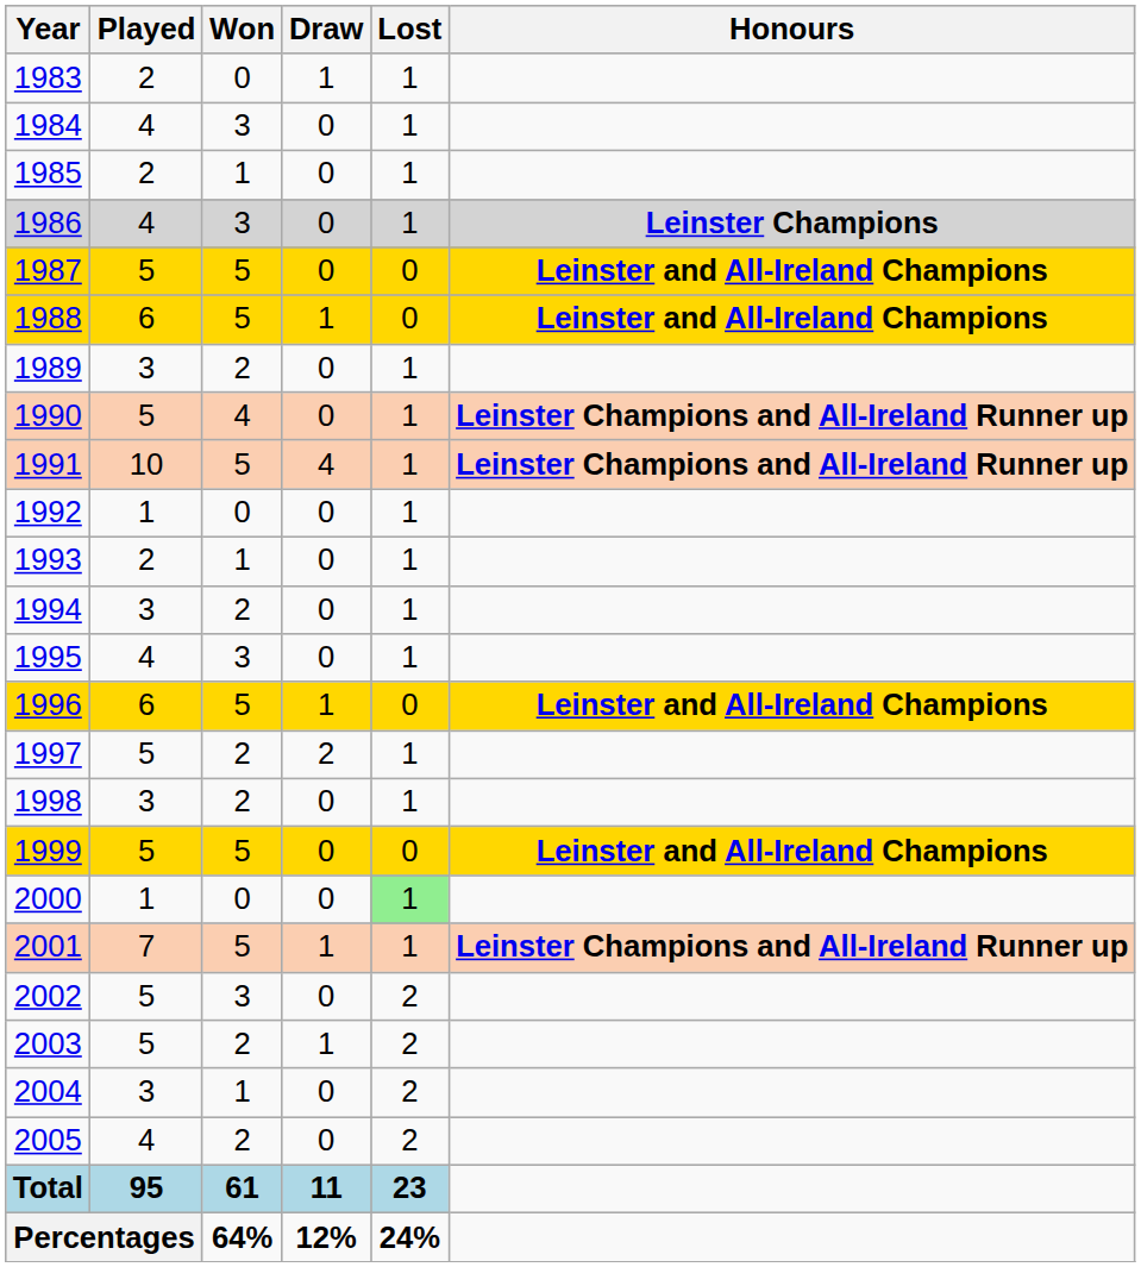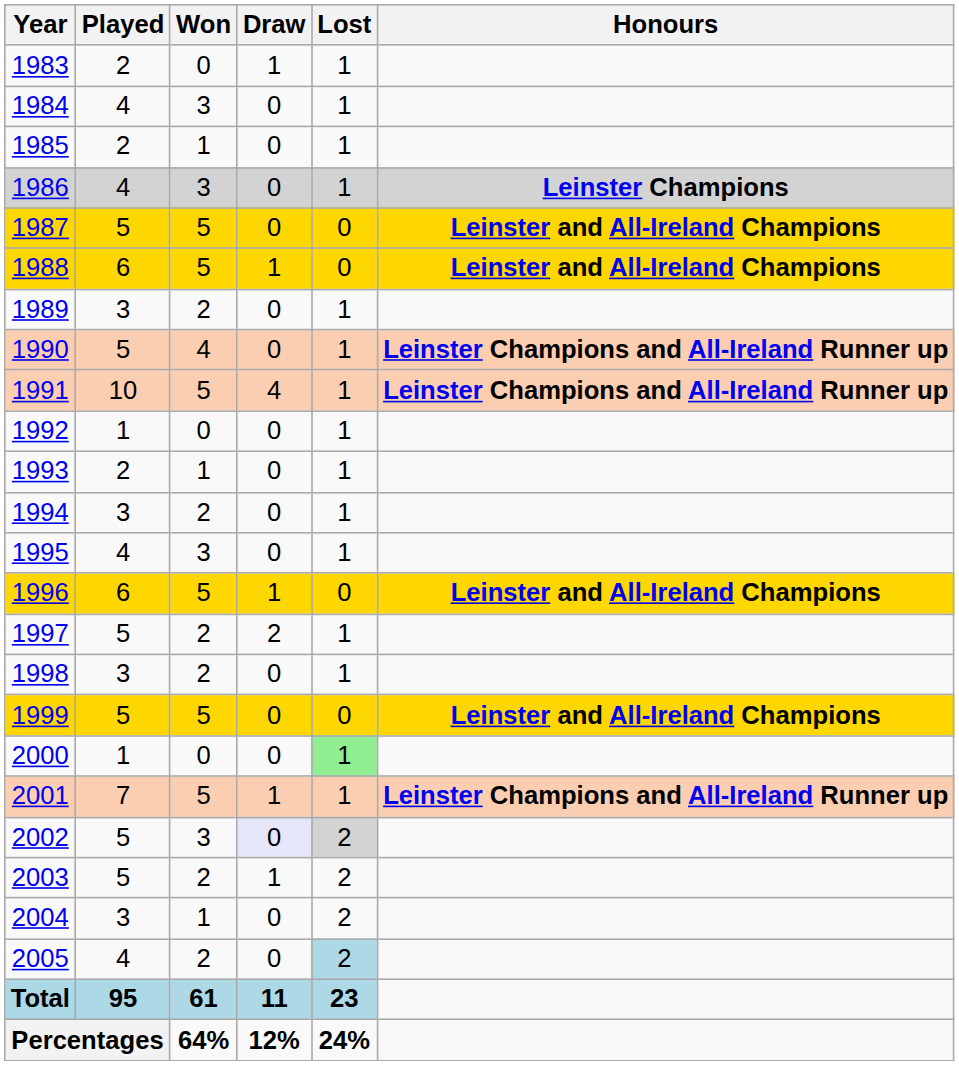 <table class="sortable wikitable plainrowheaders" style="text-align:center;">
 <tr style="background:#efefef">
 <th>Year</th>
 <th>Played</th>
 <th>Won</th>
 <th>Draw</th>
 <th>Lost</th>
 <th>Honours</th>
 </tr>
 <tr>
 <td><a href='#'>1983</a></td>
 <td>2</td>
 <td>0</td>
 <td>1</td>
 <td>1</td>
 <td></td>
 </tr>
 <tr>
 <td><a href='#'>1984</a></td>
 <td>4</td>
 <td>3</td>
 <td>0</td>
 <td>1</td>
 <td></td>
 </tr>
 <tr>
 <td><a href='#'>1985</a></td>
 <td>2</td>
 <td>1</td>
 <td>0</td>
 <td>1</td>
 <td></td>
 </tr>
 <tr>
 <td bgcolor=lightgrey><a href='#'>1986</a></td>
 <td bgcolor=lightgrey>4</td>
 <td bgcolor=lightgrey>3</td>
 <td bgcolor=lightgrey>0</td>
 <td bgcolor=lightgrey>1</td>
 <td bgcolor=lightgrey><strong><a href='#'>Leinster</a> Champions</strong></td>
 </tr>
 <tr>
 <td bgcolor=gold><a href='#'>1987</a></td>
 <td bgcolor=gold>5</td>
 <td bgcolor=gold>5</td>
 <td bgcolor=gold>0</td>
 <td bgcolor=gold>0</td>
 <td bgcolor=gold><strong><a href='#'>Leinster</a> and <a href='#'>All-Ireland</a> Champions</strong></td>
 </tr>
 <tr>
 <td bgcolor=gold><a href='#'>1988</a></td>
 <td bgcolor=gold>6</td>
 <td bgcolor=gold>5</td>
 <td bgcolor=gold>1</td>
 <td bgcolor=gold>0</td>
 <td bgcolor=gold><strong><a href='#'>Leinster</a> and <a href='#'>All-Ireland</a> Champions</strong></td>
 </tr>
 <tr>
 <td><a href='#'>1989</a></td>
 <td>3</td>
 <td>2</td>
 <td>0</td>
 <td>1</td>
 <td></td>
 </tr>
 <tr>
 <td bgcolor="#FBCEB1"><a href='#'>1990</a></td>
 <td bgcolor="#FBCEB1">5</td>
 <td bgcolor="#FBCEB1">4</td>
 <td bgcolor="#FBCEB1">0</td>
 <td bgcolor="#FBCEB1">1</td>
 <td bgcolor="#FBCEB1"><strong><a href='#'>Leinster</a> Champions and <a href='#'>All-Ireland</a> Runner up</strong></td>
 </tr>
 <tr>
 <td bgcolor="#FBCEB1"><a href='#'>1991</a></td>
 <td bgcolor="#FBCEB1">10</td>
 <td bgcolor="#FBCEB1">5</td>
 <td bgcolor="#FBCEB1">4</td>
 <td bgcolor="#FBCEB1">1</td>
 <td bgcolor="#FBCEB1"><strong><a href='#'>Leinster</a> Champions and <a href='#'>All-Ireland</a> Runner up</strong></td>
 </tr>
 <tr>
 <td><a href='#'>1992</a></td>
 <td>1</td>
 <td>0</td>
 <td>0</td>
 <td>1</td>
 <td></td>
 </tr>
 <tr>
 <td><a href='#'>1993</a></td>
 <td>2</td>
 <td>1</td>
 <td>0</td>
 <td>1</td>
 <td></td>
 </tr>
 <tr>
 <td><a href='#'>1994</a></td>
 <td>3</td>
 <td>2</td>
 <td>0</td>
 <td>1</td>
 <td></td>
 </tr>
 <tr>
 <td><a href='#'>1995</a></td>
 <td>4</td>
 <td>3</td>
 <td>0</td>
 <td>1</td>
 <td></td>
 </tr>
 <tr>
 <td bgcolor=gold><a href='#'>1996</a></td>
 <td bgcolor=gold>6</td>
 <td bgcolor=gold>5</td>
 <td bgcolor=gold>1</td>
 <td bgcolor=gold>0</td>
 <td bgcolor=gold><strong><a href='#'>Leinster</a> and <a href='#'>All-Ireland</a> Champions</strong></td>
 </tr>
 <tr>
 <td><a href='#'>1997</a></td>
 <td>5</td>
 <td>2</td>
 <td>2</td>
 <td>1</td>
 <td></td>
 </tr>
 <tr>
 <td><a href='#'>1998</a></td>
 <td>3</td>
 <td>2</td>
 <td>0</td>
 <td>1</td>
 <td></td>
 </tr>
 <tr>
 <td bgcolor=gold><a href='#'>1999</a></td>
 <td bgcolor=gold>5</td>
 <td bgcolor=gold>5</td>
 <td bgcolor=gold>0</td>
 <td bgcolor=gold>0</td>
 <td bgcolor=gold><strong><a href='#'>Leinster</a> and <a href='#'>All-Ireland</a> Champions</strong></td>
 </tr>
 <tr>
 <td><a href='#'>2000</a></td>
 <td>1</td>
 <td>0</td>
 <td>0</td>
 <td style="background: lightgreen;">1</td>
 <td></td>
 </tr>
 <tr>
 <td bgcolor="#FBCEB1"><a href='#'>2001</a></td>
 <td bgcolor="#FBCEB1">7</td>
 <td bgcolor="#FBCEB1">5</td>
 <td bgcolor="#FBCEB1">1</td>
 <td bgcolor="#FBCEB1">1</td>
 <td bgcolor="#FBCEB1"><strong><a href='#'>Leinster</a> Champions and <a href='#'>All-Ireland</a> Runner up</strong></td>
 </tr>
 <tr>
 <td><a href='#'>2002</a></td>
 <td>5</td>
 <td>3</td>
-<td>0</td>
-<td>2</td>
+<td style="background: lavender;">0</td>
+<td style="background: lightgrey;">2</td>
 <td></td>
 </tr>
 <tr>
 <td><a href='#'>2003</a></td>
 <td>5</td>
 <td>2</td>
 <td>1</td>
 <td>2</td>
 <td></td>
 </tr>
 <tr>
 <td><a href='#'>2004</a></td>
 <td>3</td>
 <td>1</td>
 <td>0</td>
 <td>2</td>
 <td></td>
 </tr>
 <tr>
 <td><a href='#'>2005</a></td>
 <td>4</td>
 <td>2</td>
 <td>0</td>
-<td>2</td>
+<td style="background: lightblue;">2</td>
 <td></td>
 </tr>
 <tr>
 <td bgcolor=lightblue><strong>Total</strong></td>
 <td bgcolor=lightblue><strong>95</strong></td>
 <td bgcolor=lightblue><strong>61</strong></td>
 <td bgcolor=lightblue><strong>11</strong></td>
 <td bgcolor=lightblue><strong>23</strong></td>
 <td></td>
 </tr>
 <tr>
 <th colspan="2"><strong>Percentages</strong></th>
 <td><strong>64%</strong></td>
 <td><strong>12%</strong></td>
 <td><strong>24%</strong></td>
 <td></td>
 </tr>
 <tr>
 </tr>
 </table>
